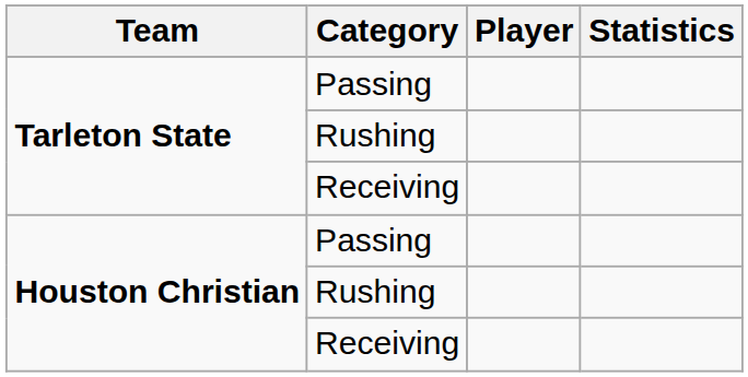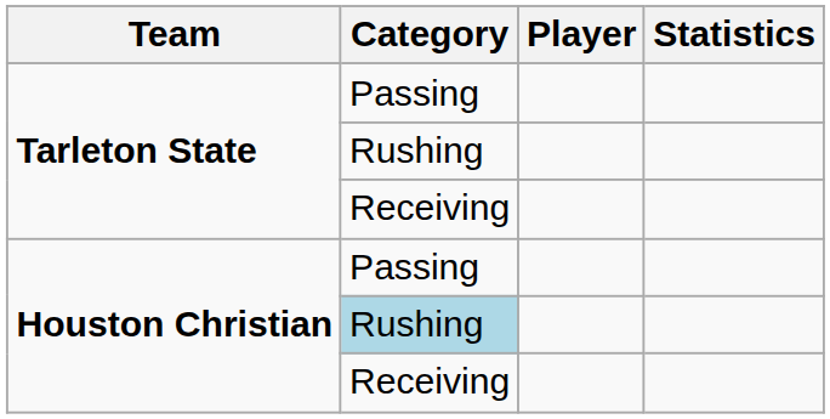 <table class="wikitable" style="float: right;">
 <tr>
 <th>Team</th>
 <th>Category</th>
 <th>Player</th>
 <th>Statistics</th>
 </tr>
 <tr>
 <td rowspan=3><strong>Tarleton State</strong></td>
 <td>Passing</td>
 <td></td>
 <td></td>
 </tr>
 <tr>
 <td>Rushing</td>
 <td></td>
 <td></td>
 </tr>
 <tr>
 <td>Receiving</td>
 <td></td>
 <td></td>
 </tr>
 <tr>
 <td rowspan=3><strong>Houston Christian</strong></td>
 <td>Passing</td>
 <td></td>
 <td></td>
 </tr>
 <tr>
-<td>Rushing</td>
+<td style="background: lightblue;">Rushing</td>
 <td></td>
 <td></td>
 </tr>
 <tr>
 <td>Receiving</td>
 <td></td>
 <td></td>
 </tr>
 </table>
